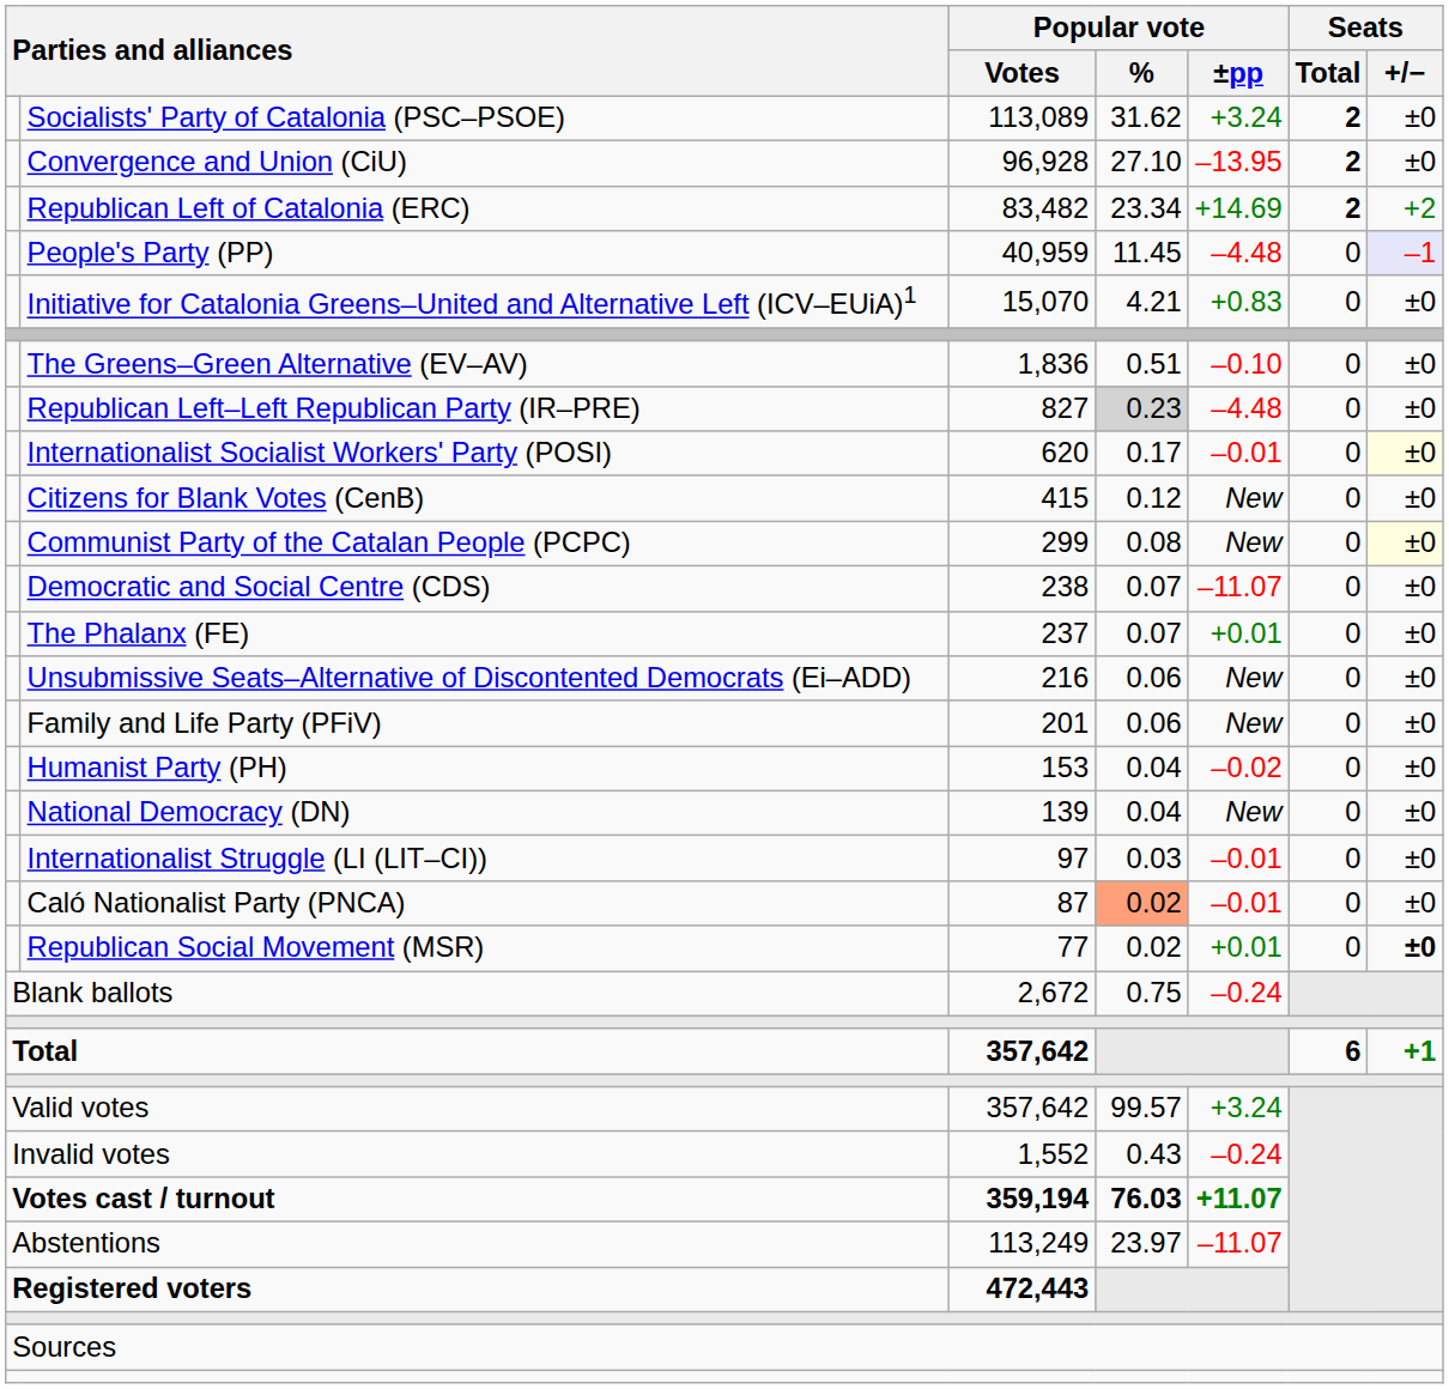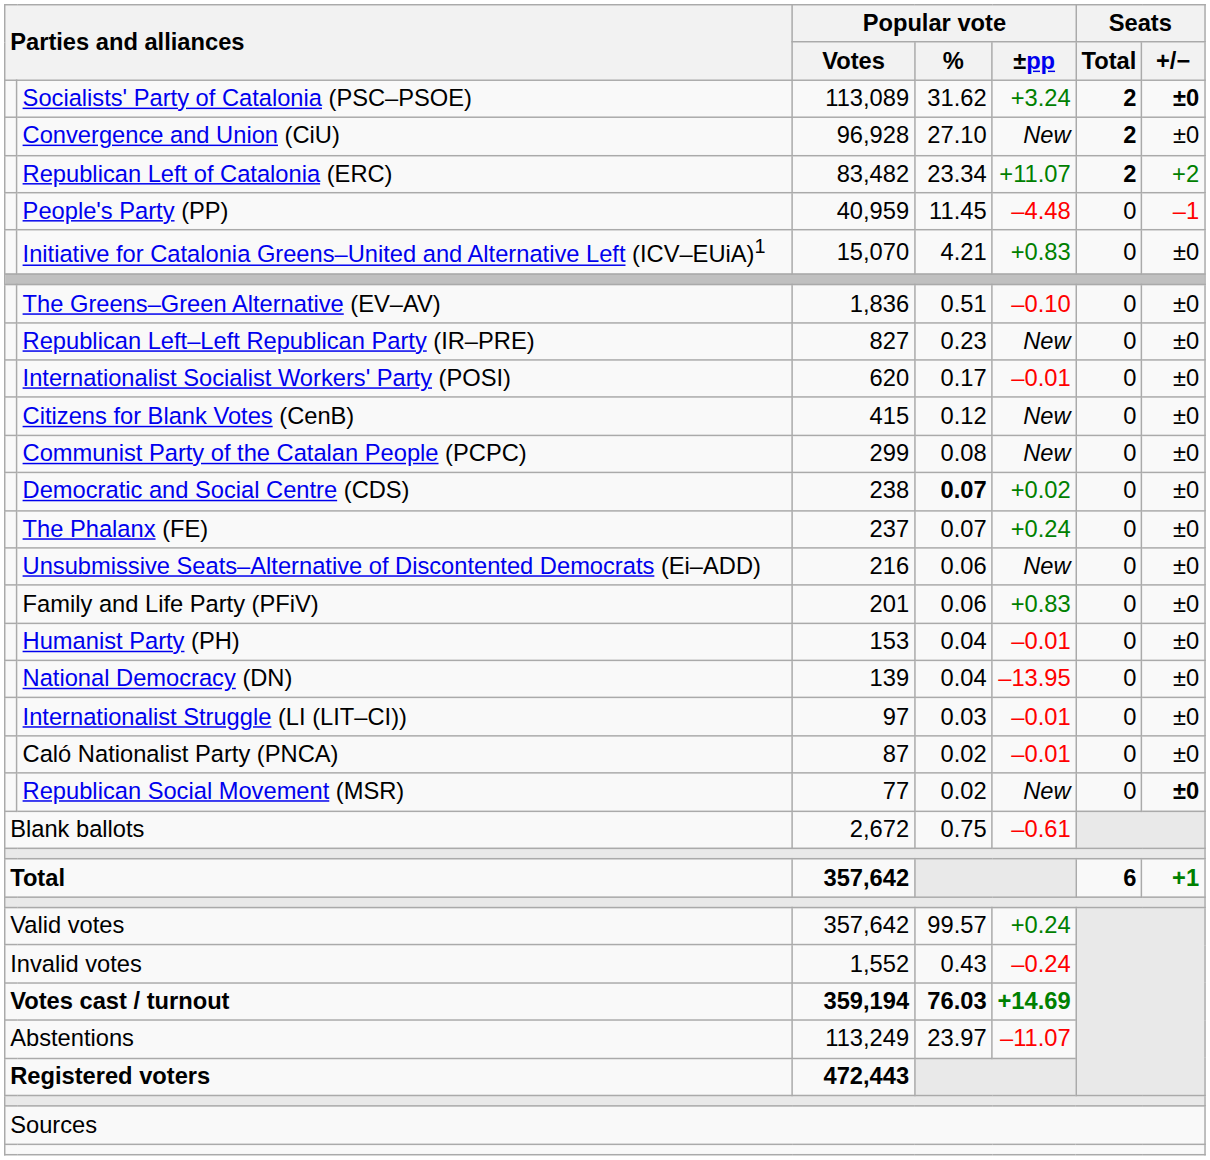 <table class="wikitable" style="text-align:right;">
 <tr>
 <th style="text-align:left;" rowspan="2" colspan="2" width="525">Parties and alliances</th>
 <th colspan="3">Popular vote</th>
 <th colspan="2">Seats</th>
 </tr>
 <tr>
 <th width="75">Votes</th>
 <th width="45">%</th>
 <th width="45">±<a href='#'>pp</a></th>
 <th width="35">Total</th>
 <th width="35">+/−</th>
 </tr>
 <tr>
 <td width="1" style="color:inherit;background:"></td>
 <td align="left"><a href='#'>Socialists' Party of Catalonia</a> (PSC–PSOE)</td>
 <td>113,089</td>
 <td>31.62</td>
 <td style="color:green;">+3.24</td>
 <td><strong>2</strong></td>
-<td>±0</td>
+<td><strong>±0</strong></td>
 </tr>
 <tr>
 <td style="color:inherit;background:"></td>
 <td align="left"><a href='#'>Convergence and Union</a> (CiU)</td>
 <td>96,928</td>
 <td>27.10</td>
-<td style="color:red;">–13.95</td>
+<td><em>New</em></td>
 <td><strong>2</strong></td>
 <td>±0</td>
 </tr>
 <tr>
 <td style="color:inherit;background:"></td>
 <td align="left"><a href='#'>Republican Left of Catalonia</a> (ERC)</td>
 <td>83,482</td>
 <td>23.34</td>
-<td style="color:green;">+14.69</td>
+<td style="color:green;">+11.07</td>
 <td><strong>2</strong></td>
 <td style="color:green;">+2</td>
 </tr>
 <tr>
 <td style="color:inherit;background:"></td>
 <td align="left"><a href='#'>People's Party</a> (PP)</td>
 <td>40,959</td>
 <td>11.45</td>
 <td style="color:red;">–4.48</td>
 <td>0</td>
-<td style="background: lavender; color:red;">–1</td>
+<td style="color:red;">–1</td>
 </tr>
 <tr>
 <td style="color:inherit;background:"></td>
 <td align="left"><a href='#'>Initiative for Catalonia Greens–United and Alternative Left</a> (ICV–EUiA)<sup>1</sup></td>
 <td>15,070</td>
 <td>4.21</td>
 <td style="color:green;">+0.83</td>
 <td>0</td>
 <td>±0</td>
 </tr>
 <tr>
 <td colspan="7" bgcolor="#C0C0C0"></td>
 </tr>
 <tr>
 <td style="color:inherit;background:"></td>
 <td align="left"><a href='#'>The Greens–Green Alternative</a> (EV–AV)</td>
 <td>1,836</td>
 <td>0.51</td>
 <td style="color:red;">–0.10</td>
 <td>0</td>
 <td>±0</td>
 </tr>
 <tr>
 <td style="color:inherit;background:"></td>
 <td align="left"><a href='#'>Republican Left–Left Republican Party</a> (IR–PRE)</td>
 <td>827</td>
-<td style="background: lightgrey;">0.23</td>
-<td style="color:red;">–4.48</td>
+<td>0.23</td>
+<td><em>New</em></td>
 <td>0</td>
 <td>±0</td>
 </tr>
 <tr>
 <td style="color:inherit;background:"></td>
 <td align="left"><a href='#'>Internationalist Socialist Workers' Party</a> (POSI)</td>
 <td>620</td>
 <td>0.17</td>
 <td style="color:red;">–0.01</td>
 <td>0</td>
-<td style="background: lightyellow;">±0</td>
+<td>±0</td>
 </tr>
 <tr>
 <td style="color:inherit;background:"></td>
 <td align="left"><a href='#'>Citizens for Blank Votes</a> (CenB)</td>
 <td>415</td>
 <td>0.12</td>
 <td><em>New</em></td>
 <td>0</td>
 <td>±0</td>
 </tr>
 <tr>
 <td style="color:inherit;background:"></td>
 <td align="left"><a href='#'>Communist Party of the Catalan People</a> (PCPC)</td>
 <td>299</td>
 <td>0.08</td>
 <td><em>New</em></td>
 <td>0</td>
-<td style="background: lightyellow;">±0</td>
+<td>±0</td>
 </tr>
 <tr>
 <td style="color:inherit;background:"></td>
 <td align="left"><a href='#'>Democratic and Social Centre</a> (CDS)</td>
 <td>238</td>
-<td>0.07</td>
-<td style="color:red;">–11.07</td>
+<td><strong>0.07</strong></td>
+<td style="color:green;">+0.02</td>
 <td>0</td>
 <td>±0</td>
 </tr>
 <tr>
 <td style="color:inherit;background:"></td>
 <td align="left"><a href='#'>The Phalanx</a> (FE)</td>
 <td>237</td>
 <td>0.07</td>
-<td style="color:green;">+0.01</td>
+<td style="color:green;">+0.24</td>
 <td>0</td>
 <td>±0</td>
 </tr>
 <tr>
 <td style="color:inherit;background:"></td>
 <td align="left"><a href='#'>Unsubmissive Seats–Alternative of Discontented Democrats</a> (Ei–ADD)</td>
 <td>216</td>
 <td>0.06</td>
 <td><em>New</em></td>
 <td>0</td>
 <td>±0</td>
 </tr>
 <tr>
 <td style="color:inherit;background:"></td>
 <td align="left">Family and Life Party (PFiV)</td>
 <td>201</td>
 <td>0.06</td>
-<td><em>New</em></td>
+<td style="color:green;">+0.83</td>
 <td>0</td>
 <td>±0</td>
 </tr>
 <tr>
 <td style="color:inherit;background:"></td>
 <td align="left"><a href='#'>Humanist Party</a> (PH)</td>
 <td>153</td>
 <td>0.04</td>
-<td style="color:red;">–0.02</td>
+<td style="color:red;">–0.01</td>
 <td>0</td>
 <td>±0</td>
 </tr>
 <tr>
 <td style="color:inherit;background:"></td>
 <td align="left"><a href='#'>National Democracy</a> (DN)</td>
 <td>139</td>
 <td>0.04</td>
-<td><em>New</em></td>
+<td style="color:red;">–13.95</td>
 <td>0</td>
 <td>±0</td>
 </tr>
 <tr>
 <td style="color:inherit;background:"></td>
 <td align="left"><a href='#'>Internationalist Struggle</a> (LI (LIT–CI))</td>
 <td>97</td>
 <td>0.03</td>
 <td style="color:red;">–0.01</td>
 <td>0</td>
 <td>±0</td>
 </tr>
 <tr>
 <td style="color:inherit;background:"></td>
 <td align="left">Caló Nationalist Party (PNCA)</td>
 <td>87</td>
-<td style="background: lightsalmon;">0.02</td>
+<td>0.02</td>
 <td style="color:red;">–0.01</td>
 <td>0</td>
 <td>±0</td>
 </tr>
 <tr>
 <td style="color:inherit;background:"></td>
 <td align="left"><a href='#'>Republican Social Movement</a> (MSR)</td>
 <td>77</td>
 <td>0.02</td>
-<td style="color:green;">+0.01</td>
+<td><em>New</em></td>
 <td>0</td>
 <td><strong>±0</strong></td>
 </tr>
 <tr>
 <td align="left" colspan="2">Blank ballots</td>
 <td>2,672</td>
 <td>0.75</td>
-<td style="color:red;">–0.24</td>
+<td style="color:red;">–0.61</td>
 <td bgcolor="#E9E9E9" colspan="2"></td>
 </tr>
 <tr>
 <td colspan="7" bgcolor="#E9E9E9"></td>
 </tr>
 <tr style="font-weight:bold;">
 <td align="left" colspan="2">Total</td>
 <td>357,642</td>
 <td bgcolor="#E9E9E9" colspan="2"></td>
 <td>6</td>
 <td style="color:green;">+1</td>
 </tr>
 <tr>
 <td colspan="7" bgcolor="#E9E9E9"></td>
 </tr>
 <tr>
 <td align="left" colspan="2">Valid votes</td>
 <td>357,642</td>
 <td>99.57</td>
-<td style="color:green;">+3.24</td>
+<td style="color:green;">+0.24</td>
 <td bgcolor="#E9E9E9" colspan="2" rowspan="5"></td>
 </tr>
 <tr>
 <td align="left" colspan="2">Invalid votes</td>
 <td>1,552</td>
 <td>0.43</td>
 <td style="color:red;">–0.24</td>
 </tr>
 <tr style="font-weight:bold;">
 <td align="left" colspan="2">Votes cast / turnout</td>
 <td>359,194</td>
 <td>76.03</td>
-<td style="color:green;">+11.07</td>
+<td style="color:green;">+14.69</td>
 </tr>
 <tr>
 <td align="left" colspan="2">Abstentions</td>
 <td>113,249</td>
 <td>23.97</td>
 <td style="color:red;">–11.07</td>
 </tr>
 <tr style="font-weight:bold;">
 <td align="left" colspan="2">Registered voters</td>
 <td>472,443</td>
 <td bgcolor="#E9E9E9" colspan="2"></td>
 </tr>
 <tr>
 <td colspan="7" bgcolor="#E9E9E9"></td>
 </tr>
 <tr>
 <td align="left" colspan="7">Sources</td>
 </tr>
 <tr>
 <td colspan="7" style="text-align:left; max-width:790px;"></td>
 </tr>
 </table>
